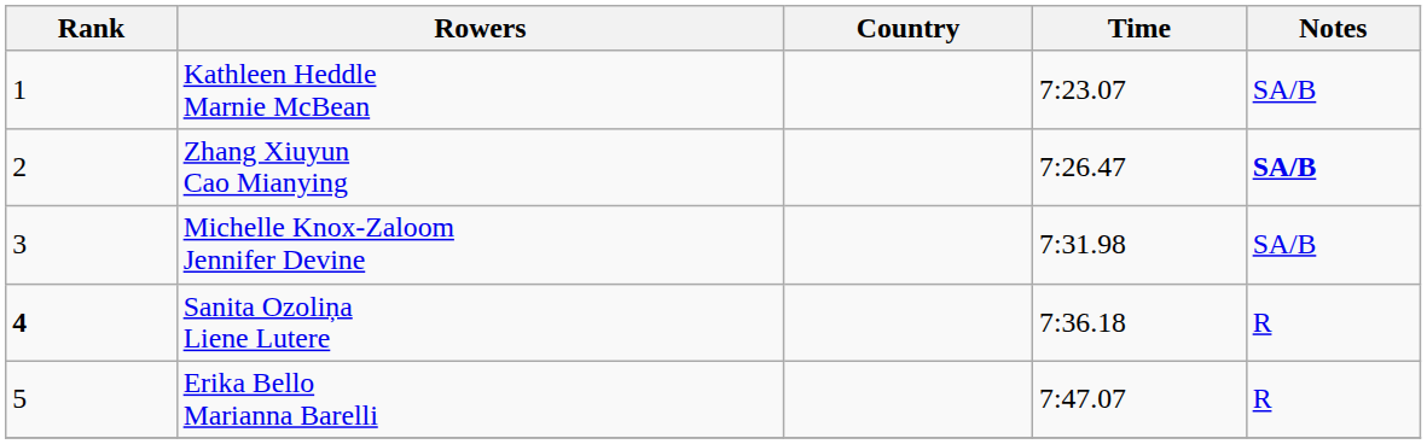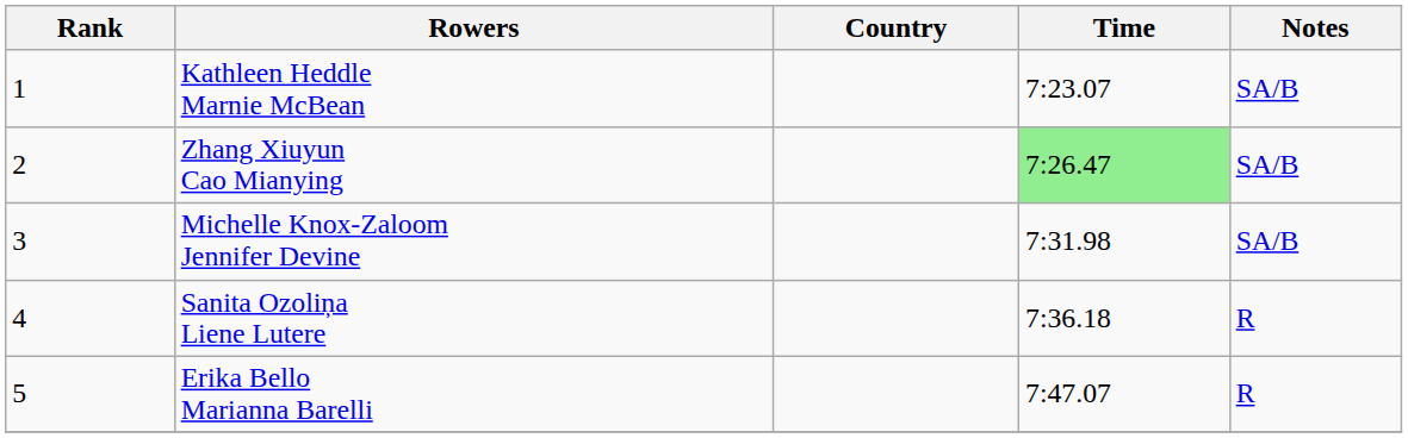 <table class="wikitable" width=50%>
 <tr>
 <th>Rank</th>
 <th>Rowers</th>
 <th>Country</th>
 <th>Time</th>
 <th>Notes</th>
 </tr>
 <tr>
 <td>1</td>
 <td><a href='#'>Kathleen Heddle</a><br><a href='#'>Marnie McBean</a></td>
 <td></td>
 <td>7:23.07</td>
 <td><a href='#'>SA/B</a></td>
 </tr>
 <tr>
 <td>2</td>
 <td><a href='#'>Zhang Xiuyun</a><br><a href='#'>Cao Mianying</a></td>
 <td></td>
-<td>7:26.47</td>
-<td><strong><a href='#'>SA/B</a></strong></td>
+<td style="background: lightgreen;">7:26.47</td>
+<td><a href='#'>SA/B</a></td>
 </tr>
 <tr>
 <td>3</td>
 <td><a href='#'>Michelle Knox-Zaloom</a><br><a href='#'>Jennifer Devine</a></td>
 <td></td>
 <td>7:31.98</td>
 <td><a href='#'>SA/B</a></td>
 </tr>
 <tr>
-<td><strong>4</strong></td>
+<td>4</td>
 <td><a href='#'>Sanita Ozoliņa</a><br><a href='#'>Liene Lutere</a></td>
 <td></td>
 <td>7:36.18</td>
 <td><a href='#'>R</a></td>
 </tr>
 <tr>
 <td>5</td>
 <td><a href='#'>Erika Bello</a><br><a href='#'>Marianna Barelli</a></td>
 <td></td>
 <td>7:47.07</td>
 <td><a href='#'>R</a></td>
 </tr>
 <tr>
 </tr>
 </table>
